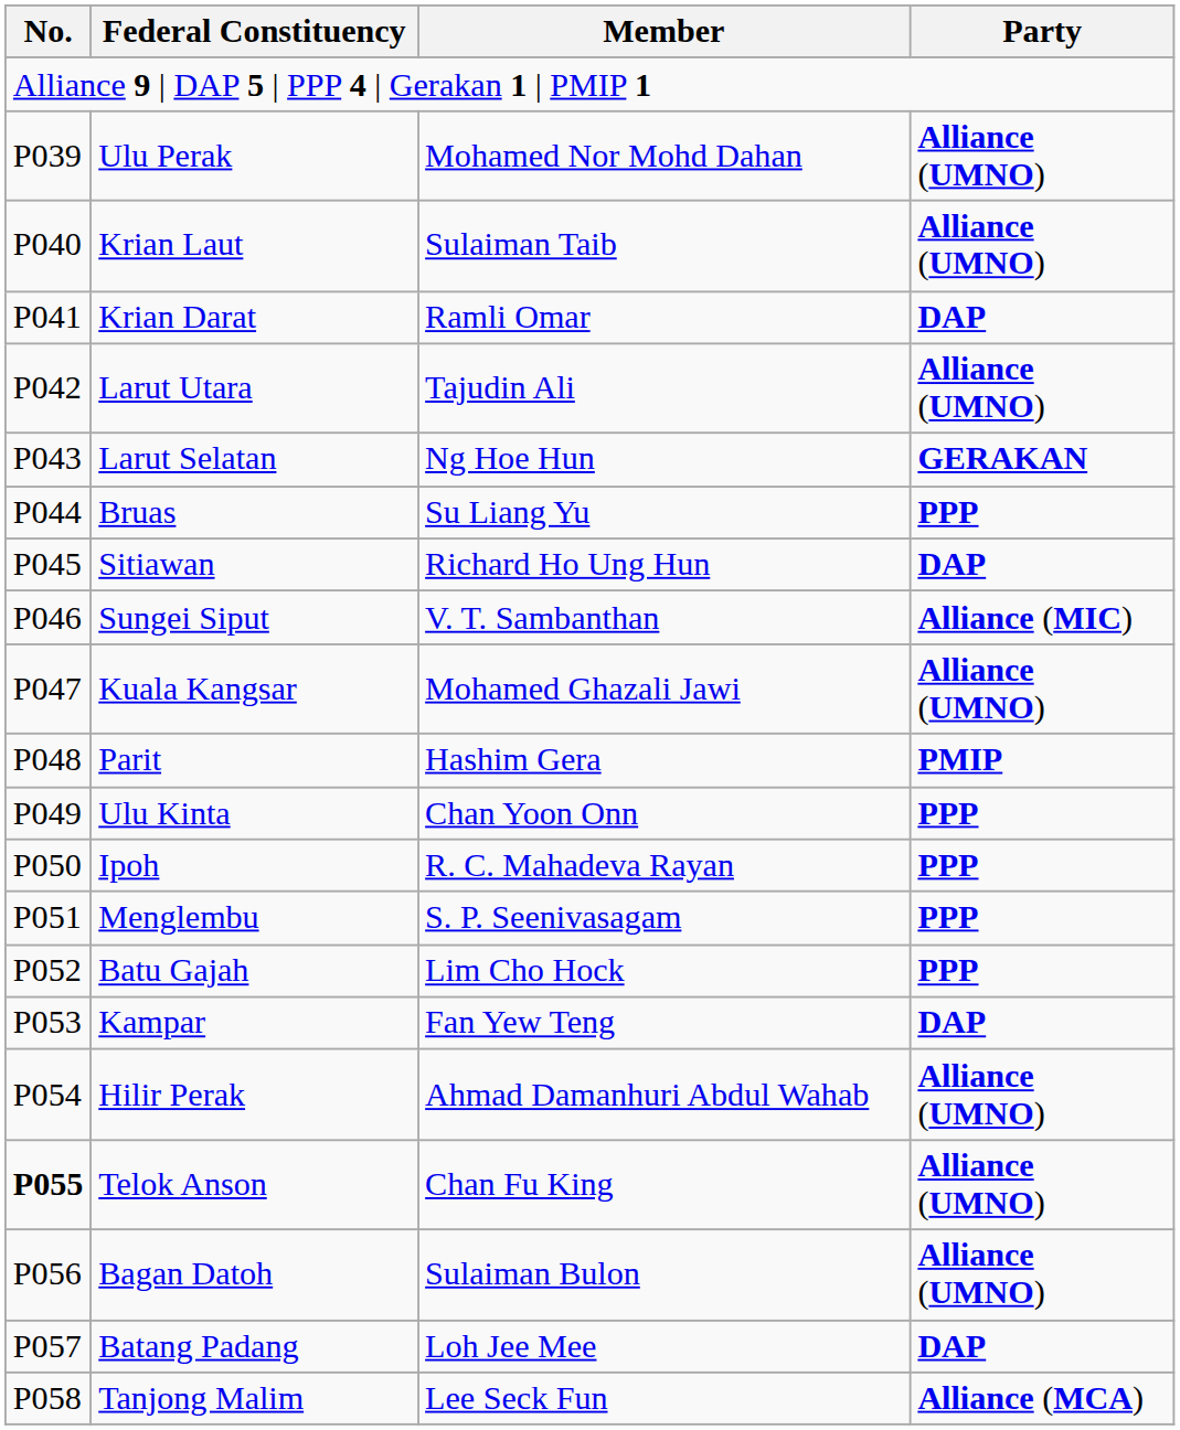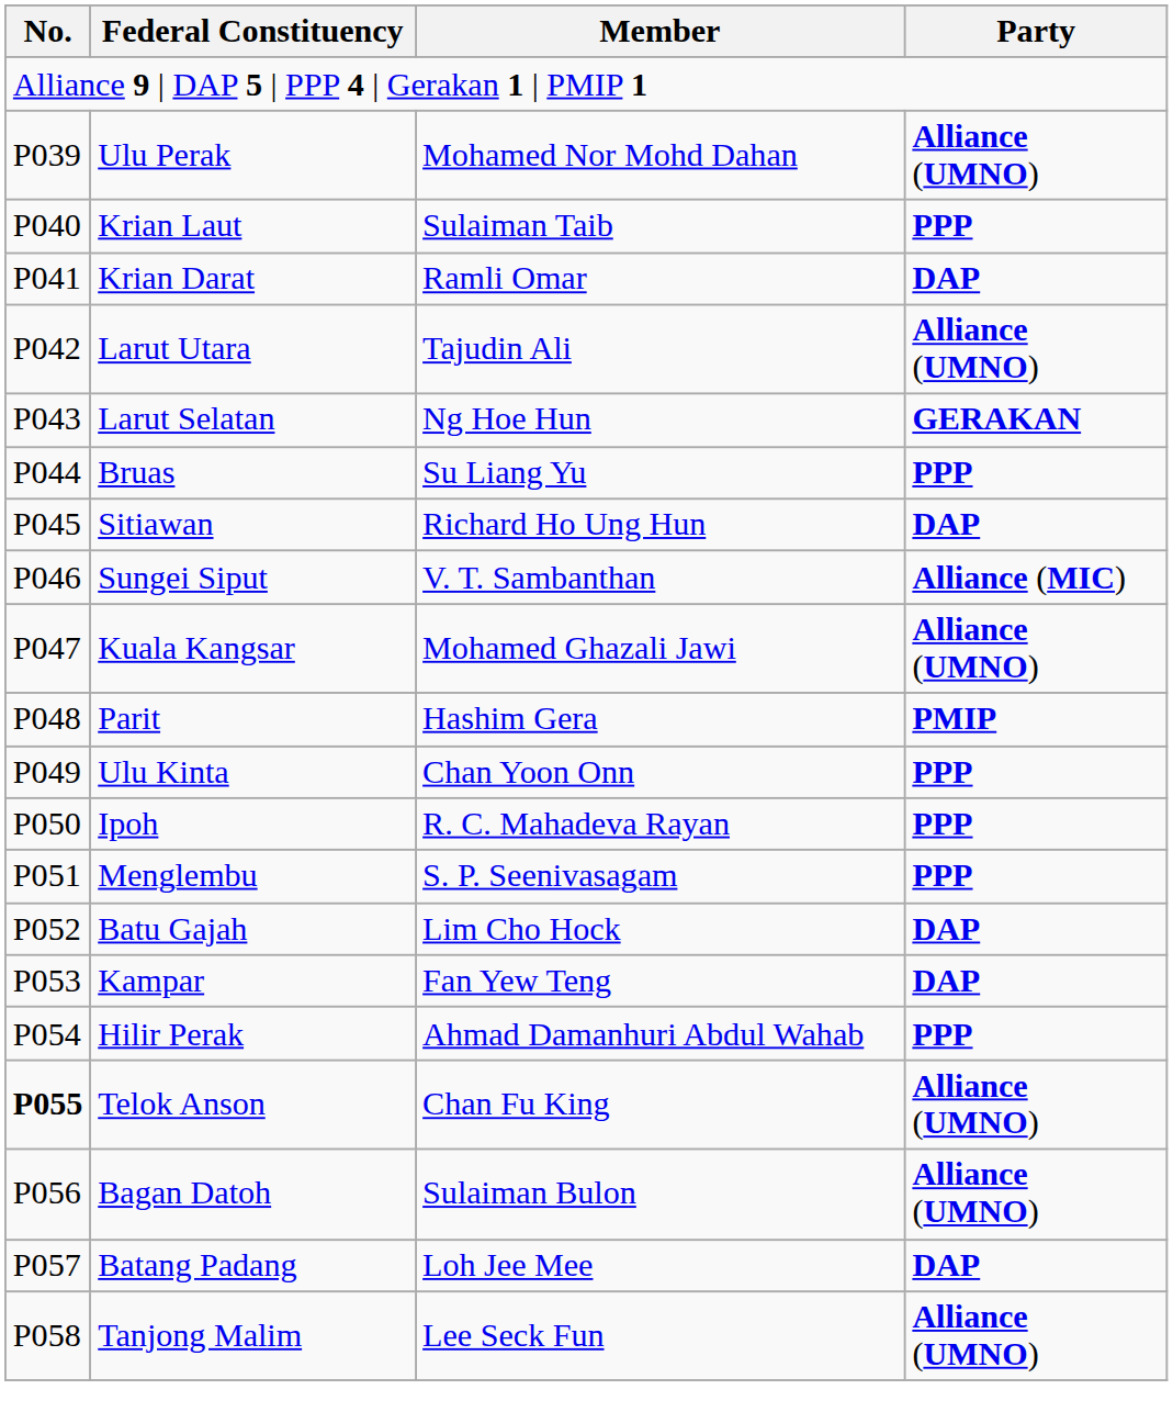 <table class="wikitable sortable">
 <tr>
 <th style="width:30px;">No.</th>
 <th style="width:150px;">Federal Constituency</th>
 <th style="width:230px;">Member</th>
 <th style="width:120px;">Party</th>
 </tr>
 <tr>
 <td colspan="4"><a href='#'>Alliance</a> <strong>9</strong> | <a href='#'>DAP</a> <strong>5</strong> | <a href='#'>PPP</a> <strong>4</strong> | <a href='#'>Gerakan</a> <strong>1</strong> | <a href='#'>PMIP</a> <strong>1</strong></td>
 </tr>
 <tr>
 <td>P039</td>
 <td><a href='#'>Ulu Perak</a></td>
 <td><a href='#'>Mohamed Nor Mohd Dahan</a></td>
 <td><strong><a href='#'>Alliance</a></strong> (<strong><a href='#'>UMNO</a></strong>)</td>
 </tr>
 <tr>
 <td>P040</td>
 <td><a href='#'>Krian Laut</a></td>
 <td><a href='#'>Sulaiman Taib</a></td>
-<td><strong><a href='#'>Alliance</a></strong> (<strong><a href='#'>UMNO</a></strong>)</td>
+<td><strong><a href='#'>PPP</a></strong></td>
 </tr>
 <tr>
 <td>P041</td>
 <td><a href='#'>Krian Darat</a></td>
 <td><a href='#'>Ramli Omar</a></td>
 <td><strong><a href='#'>DAP</a></strong></td>
 </tr>
 <tr>
 <td>P042</td>
 <td><a href='#'>Larut Utara</a></td>
 <td><a href='#'>Tajudin Ali</a></td>
 <td><strong><a href='#'>Alliance</a></strong> (<strong><a href='#'>UMNO</a></strong>)</td>
 </tr>
 <tr>
 <td>P043</td>
 <td><a href='#'>Larut Selatan</a></td>
 <td><a href='#'>Ng Hoe Hun</a></td>
 <td><strong><a href='#'>GERAKAN</a></strong></td>
 </tr>
 <tr>
 <td>P044</td>
 <td><a href='#'>Bruas</a></td>
 <td><a href='#'>Su Liang Yu</a></td>
 <td><strong><a href='#'>PPP</a></strong></td>
 </tr>
 <tr>
 <td>P045</td>
 <td><a href='#'>Sitiawan</a></td>
 <td><a href='#'>Richard Ho Ung Hun</a></td>
 <td><strong><a href='#'>DAP</a></strong></td>
 </tr>
 <tr>
 <td>P046</td>
 <td><a href='#'>Sungei Siput</a></td>
 <td><a href='#'>V. T. Sambanthan</a></td>
 <td><strong><a href='#'>Alliance</a></strong> (<strong><a href='#'>MIC</a></strong>)</td>
 </tr>
 <tr>
 <td>P047</td>
 <td><a href='#'>Kuala Kangsar</a></td>
 <td><a href='#'>Mohamed Ghazali Jawi</a></td>
 <td><strong><a href='#'>Alliance</a></strong> (<strong><a href='#'>UMNO</a></strong>)</td>
 </tr>
 <tr>
 <td>P048</td>
 <td><a href='#'>Parit</a></td>
 <td><a href='#'>Hashim Gera</a></td>
 <td><strong><a href='#'>PMIP</a></strong></td>
 </tr>
 <tr>
 <td>P049</td>
 <td><a href='#'>Ulu Kinta</a></td>
 <td><a href='#'>Chan Yoon Onn</a></td>
 <td><strong><a href='#'>PPP</a></strong></td>
 </tr>
 <tr>
 <td>P050</td>
 <td><a href='#'>Ipoh</a></td>
 <td><a href='#'>R. C. Mahadeva Rayan</a></td>
 <td><strong><a href='#'>PPP</a></strong></td>
 </tr>
 <tr>
 <td>P051</td>
 <td><a href='#'>Menglembu</a></td>
 <td><a href='#'>S. P. Seenivasagam</a></td>
 <td><strong><a href='#'>PPP</a></strong></td>
 </tr>
 <tr>
 <td>P052</td>
 <td><a href='#'>Batu Gajah</a></td>
 <td><a href='#'>Lim Cho Hock</a></td>
-<td><strong><a href='#'>PPP</a></strong></td>
+<td><strong><a href='#'>DAP</a></strong></td>
 </tr>
 <tr>
 <td>P053</td>
 <td><a href='#'>Kampar</a></td>
 <td><a href='#'>Fan Yew Teng</a></td>
 <td><strong><a href='#'>DAP</a></strong></td>
 </tr>
 <tr>
 <td>P054</td>
 <td><a href='#'>Hilir Perak</a></td>
 <td><a href='#'>Ahmad Damanhuri Abdul Wahab</a></td>
-<td><strong><a href='#'>Alliance</a></strong> (<strong><a href='#'>UMNO</a></strong>)</td>
+<td><strong><a href='#'>PPP</a></strong></td>
 </tr>
 <tr>
 <td><strong>P055</strong></td>
 <td><a href='#'>Telok Anson</a></td>
 <td><a href='#'>Chan Fu King</a></td>
 <td><strong><a href='#'>Alliance</a></strong> (<strong><a href='#'>UMNO</a></strong>)</td>
 </tr>
 <tr>
 <td>P056</td>
 <td><a href='#'>Bagan Datoh</a></td>
 <td><a href='#'>Sulaiman Bulon</a></td>
 <td><strong><a href='#'>Alliance</a></strong> (<strong><a href='#'>UMNO</a></strong>)</td>
 </tr>
 <tr>
 <td>P057</td>
 <td><a href='#'>Batang Padang</a></td>
 <td><a href='#'>Loh Jee Mee</a></td>
 <td><strong><a href='#'>DAP</a></strong></td>
 </tr>
 <tr>
 <td>P058</td>
 <td><a href='#'>Tanjong Malim</a></td>
 <td><a href='#'>Lee Seck Fun</a></td>
-<td><strong><a href='#'>Alliance</a></strong> (<strong><a href='#'>MCA</a></strong>)</td>
+<td><strong><a href='#'>Alliance</a></strong> (<strong><a href='#'>UMNO</a></strong>)</td>
 </tr>
 </table>
